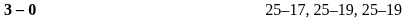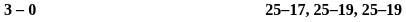 <table width=100% cellspacing=1>
 <tr>
 <th width=20%></th>
 <th width=12%></th>
 <th width=20%></th>
 <th width=33%></th>
 <td></td>
 </tr>
 <tr style=font-size:95%>
 <td align=right><strong></strong></td>
 <td align=center><strong>3 – 0</strong></td>
 <td></td>
-<td>25–17, 25–19, 25–19</td>
+<td><strong>25–17, 25–19, 25–19</strong></td>
 </tr>
 </table>
